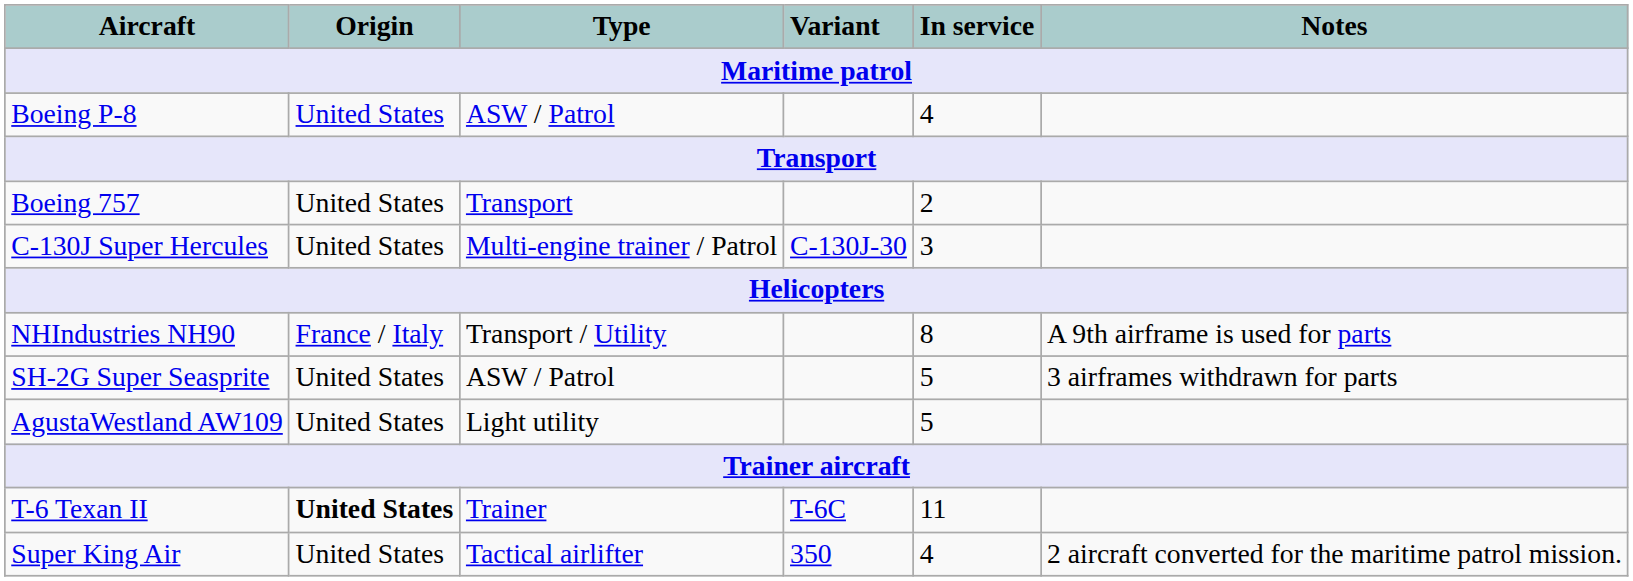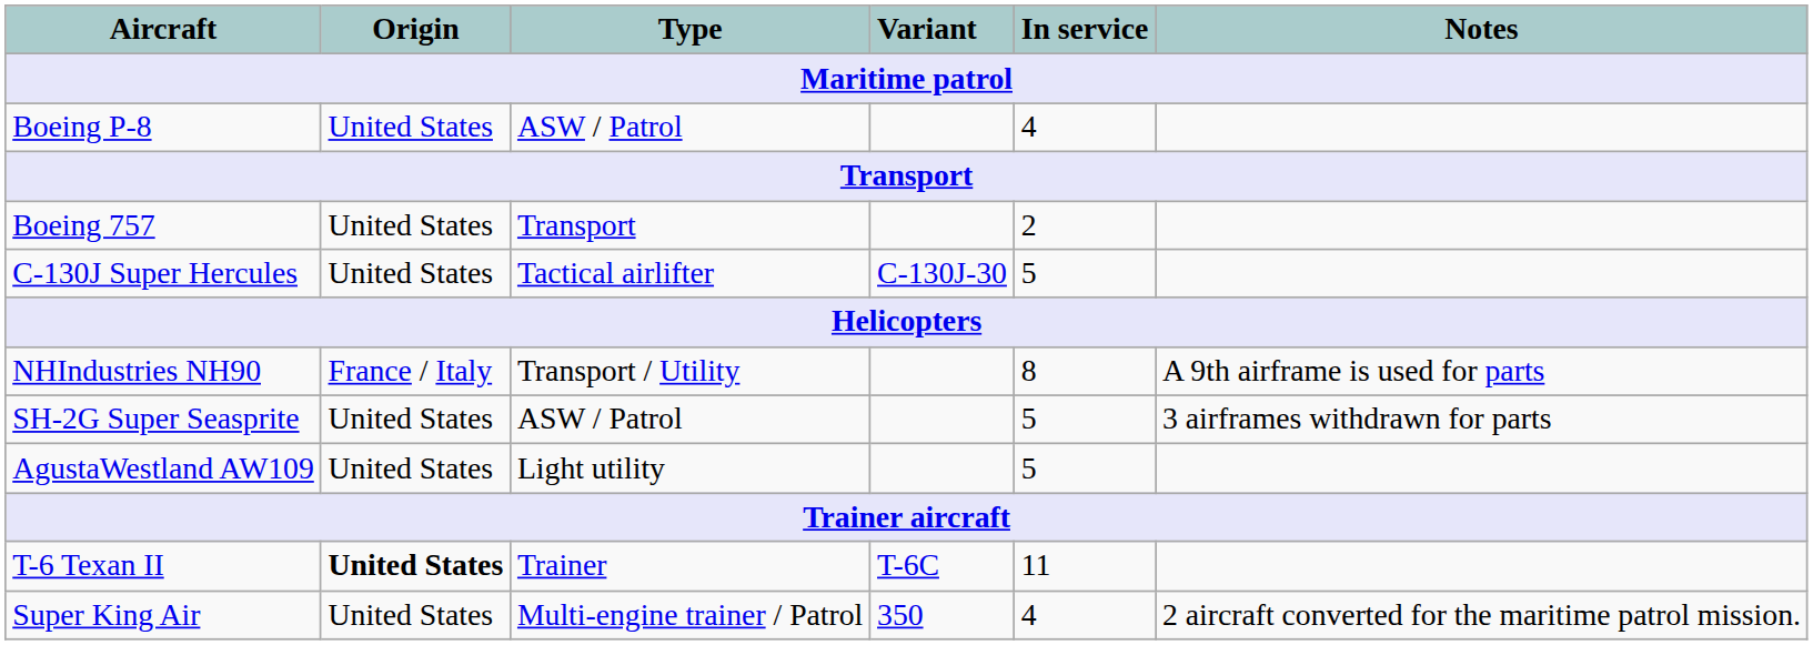 <table class="wikitable">
 <tr>
 <th style="text-align:center; background:#acc;">Aircraft</th>
 <th style="text-align: center; background:#acc;">Origin</th>
 <th style="text-align:l center; background:#acc;">Type</th>
 <th style="text-align:left; background:#acc;">Variant</th>
 <th style="text-align:center; background:#acc;">In service</th>
 <th style="text-align: center; background:#acc;">Notes</th>
 </tr>
 <tr>
 <th style="align: center; background: lavender;" colspan="6"><a href='#'>Maritime patrol</a></th>
 </tr>
 <tr>
 <td><a href='#'>Boeing P-8</a></td>
 <td><a href='#'>United States</a></td>
 <td><a href='#'>ASW</a> / <a href='#'>Patrol</a></td>
 <td></td>
 <td>4</td>
 <td></td>
 </tr>
 <tr>
 <th style="align: center; background: lavender;" colspan="6"><a href='#'>Transport</a></th>
 </tr>
 <tr>
 <td><a href='#'>Boeing 757</a></td>
 <td>United States</td>
 <td><a href='#'>Transport</a></td>
 <td></td>
 <td>2</td>
 <td></td>
 </tr>
 <tr>
 <td><a href='#'>C-130J Super Hercules</a></td>
 <td>United States</td>
-<td><a href='#'>Multi-engine trainer</a> / Patrol</td>
+<td><a href='#'>Tactical airlifter</a></td>
 <td><a href='#'>C-130J-30</a></td>
-<td>3</td>
+<td>5</td>
 <td></td>
 </tr>
 <tr>
 <th style="align: center; background: lavender;" colspan="6"><a href='#'>Helicopters</a></th>
 </tr>
 <tr>
 <td><a href='#'>NHIndustries NH90</a></td>
 <td><a href='#'>France</a> / <a href='#'>Italy</a></td>
 <td>Transport / <a href='#'>Utility</a></td>
 <td></td>
 <td>8</td>
 <td>A 9th airframe is used for <a href='#'>parts</a></td>
 </tr>
 <tr>
 <td><a href='#'>SH-2G Super Seasprite</a></td>
 <td>United States</td>
 <td>ASW / Patrol</td>
 <td></td>
 <td>5</td>
 <td>3 airframes withdrawn for parts</td>
 </tr>
 <tr>
 <td><a href='#'>AgustaWestland AW109</a></td>
 <td>United States</td>
 <td>Light utility</td>
 <td></td>
 <td>5</td>
 <td></td>
 </tr>
 <tr>
 <th style="align: center; background: lavender;" colspan="6"><a href='#'>Trainer aircraft</a></th>
 </tr>
 <tr>
 <td><a href='#'>T-6 Texan II</a></td>
 <td><strong>United States</strong></td>
 <td><a href='#'>Trainer</a></td>
 <td><a href='#'>T-6C</a></td>
 <td>11</td>
 <td></td>
 </tr>
 <tr>
 <td><a href='#'>Super King Air</a></td>
 <td>United States</td>
-<td><a href='#'>Tactical airlifter</a></td>
+<td><a href='#'>Multi-engine trainer</a> / Patrol</td>
 <td><a href='#'>350</a></td>
 <td>4</td>
 <td>2 aircraft converted for the maritime patrol mission.</td>
 </tr>
 </table>
